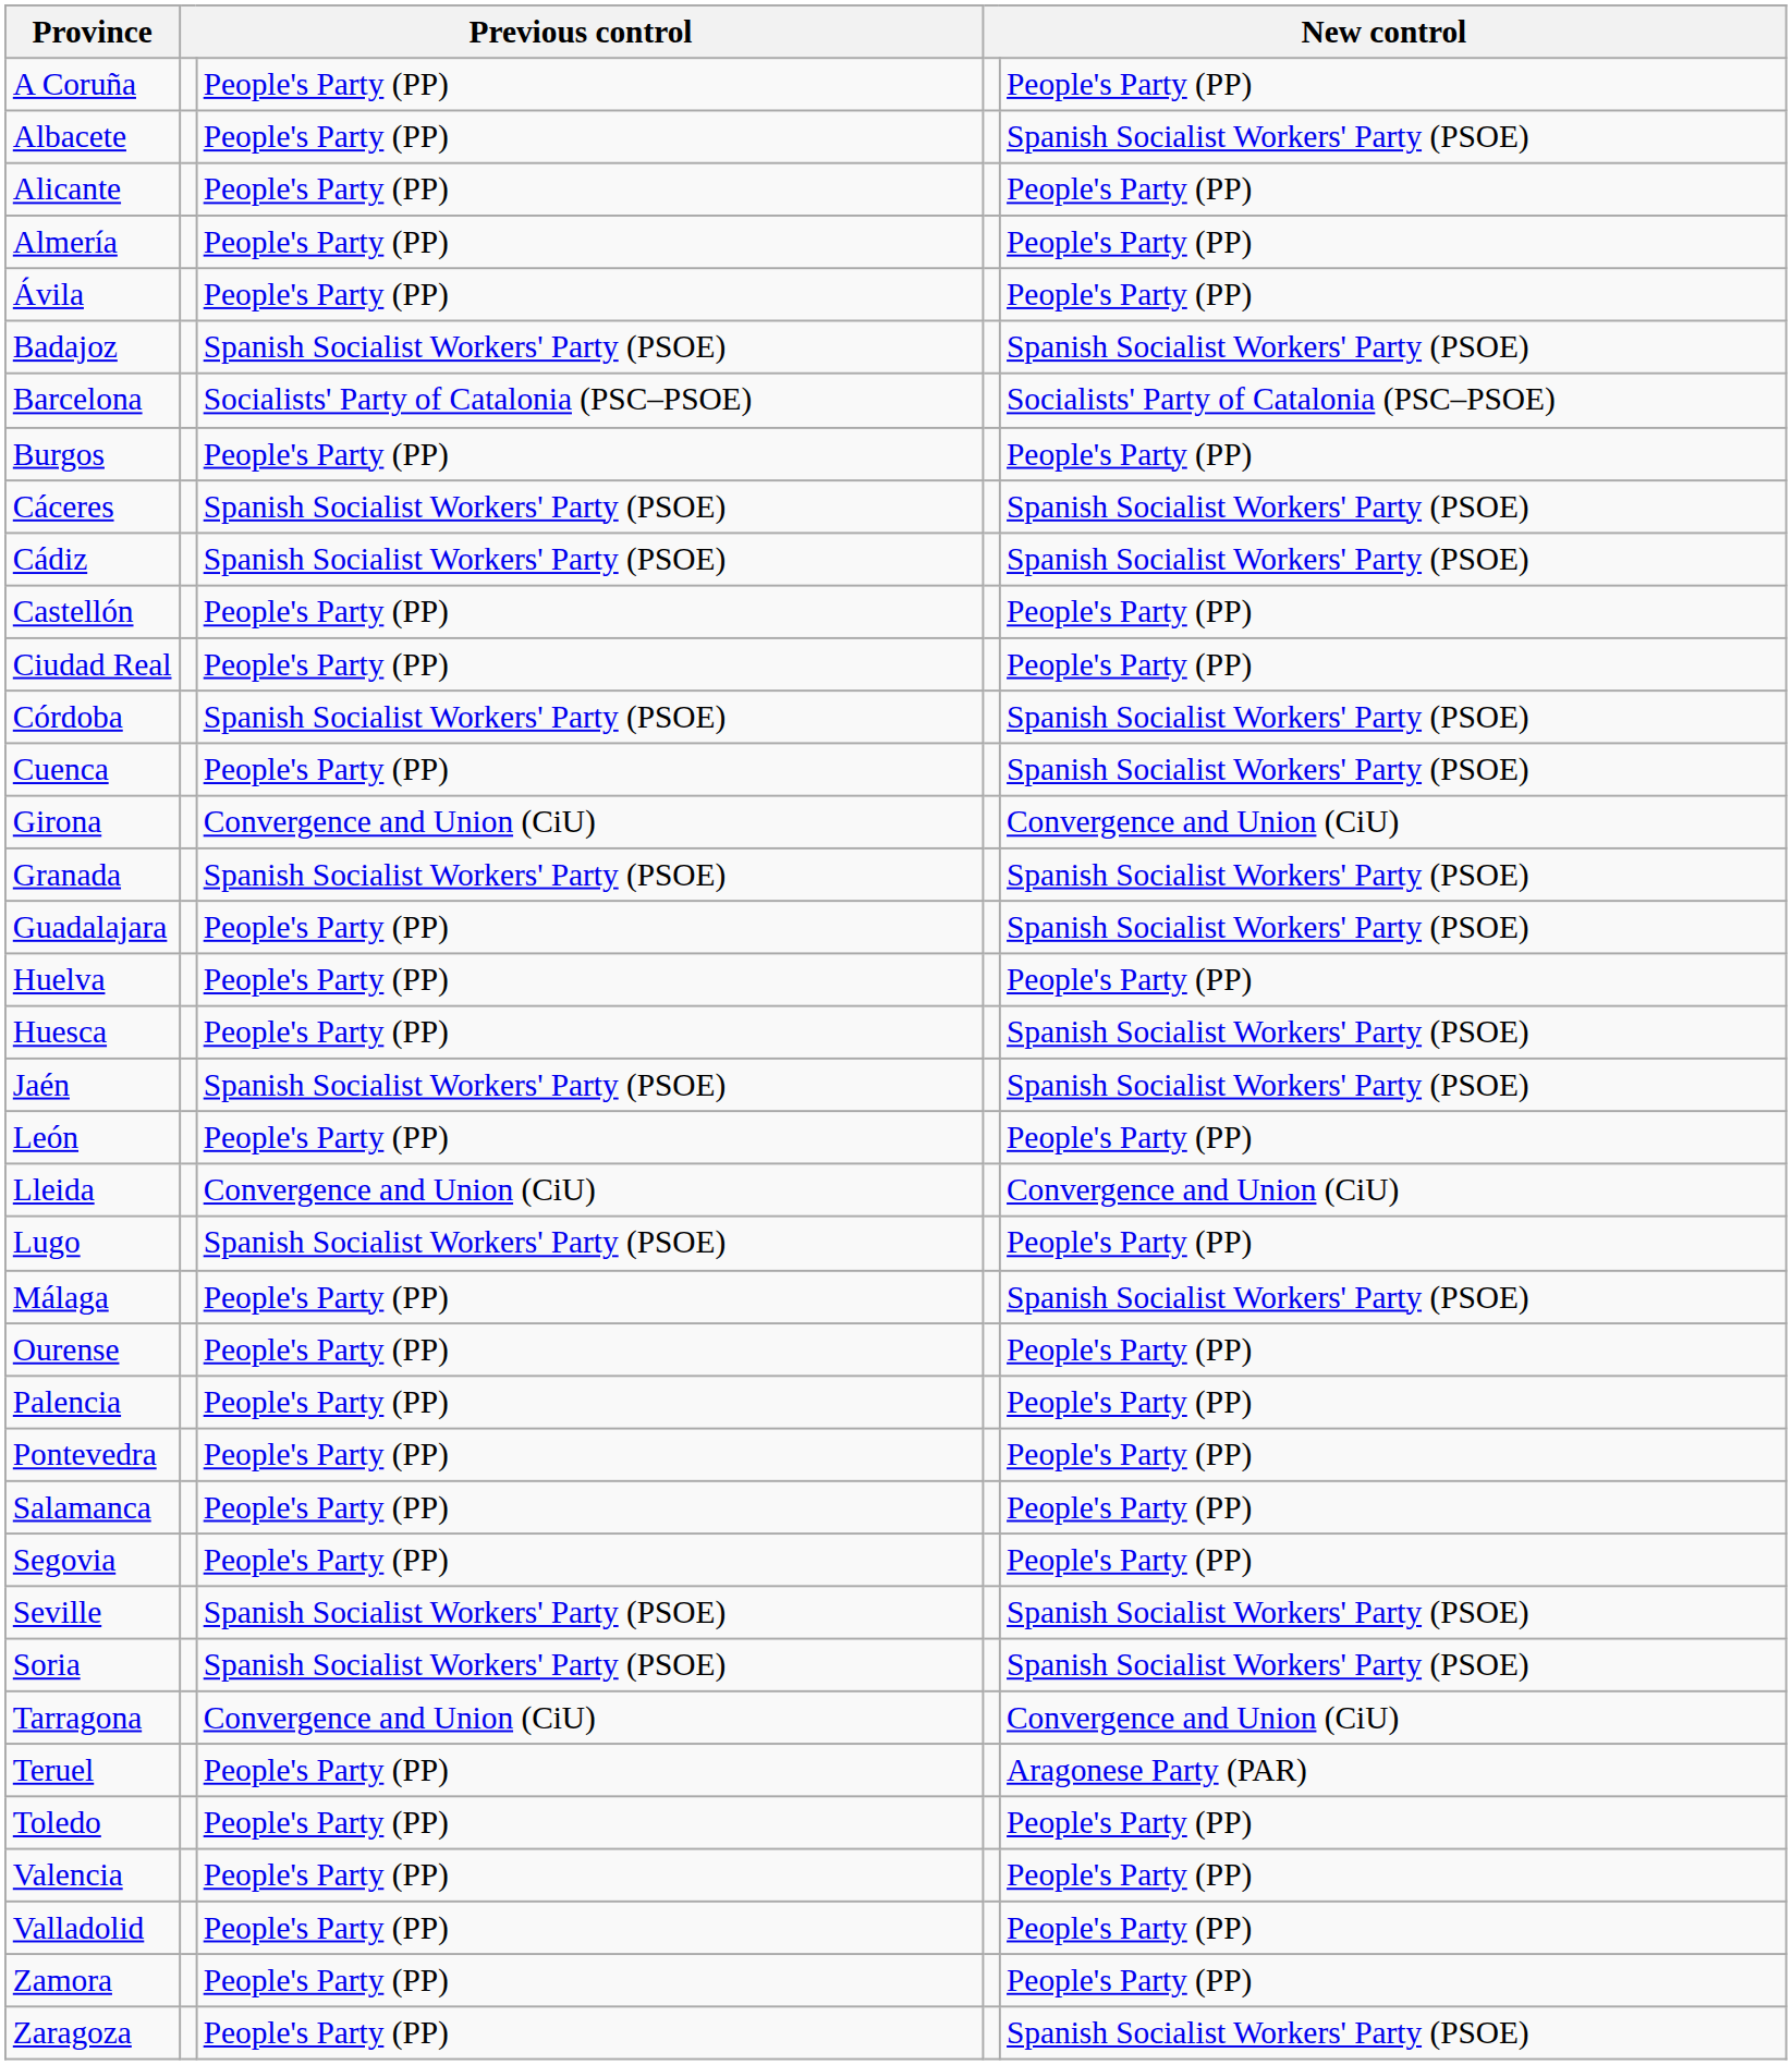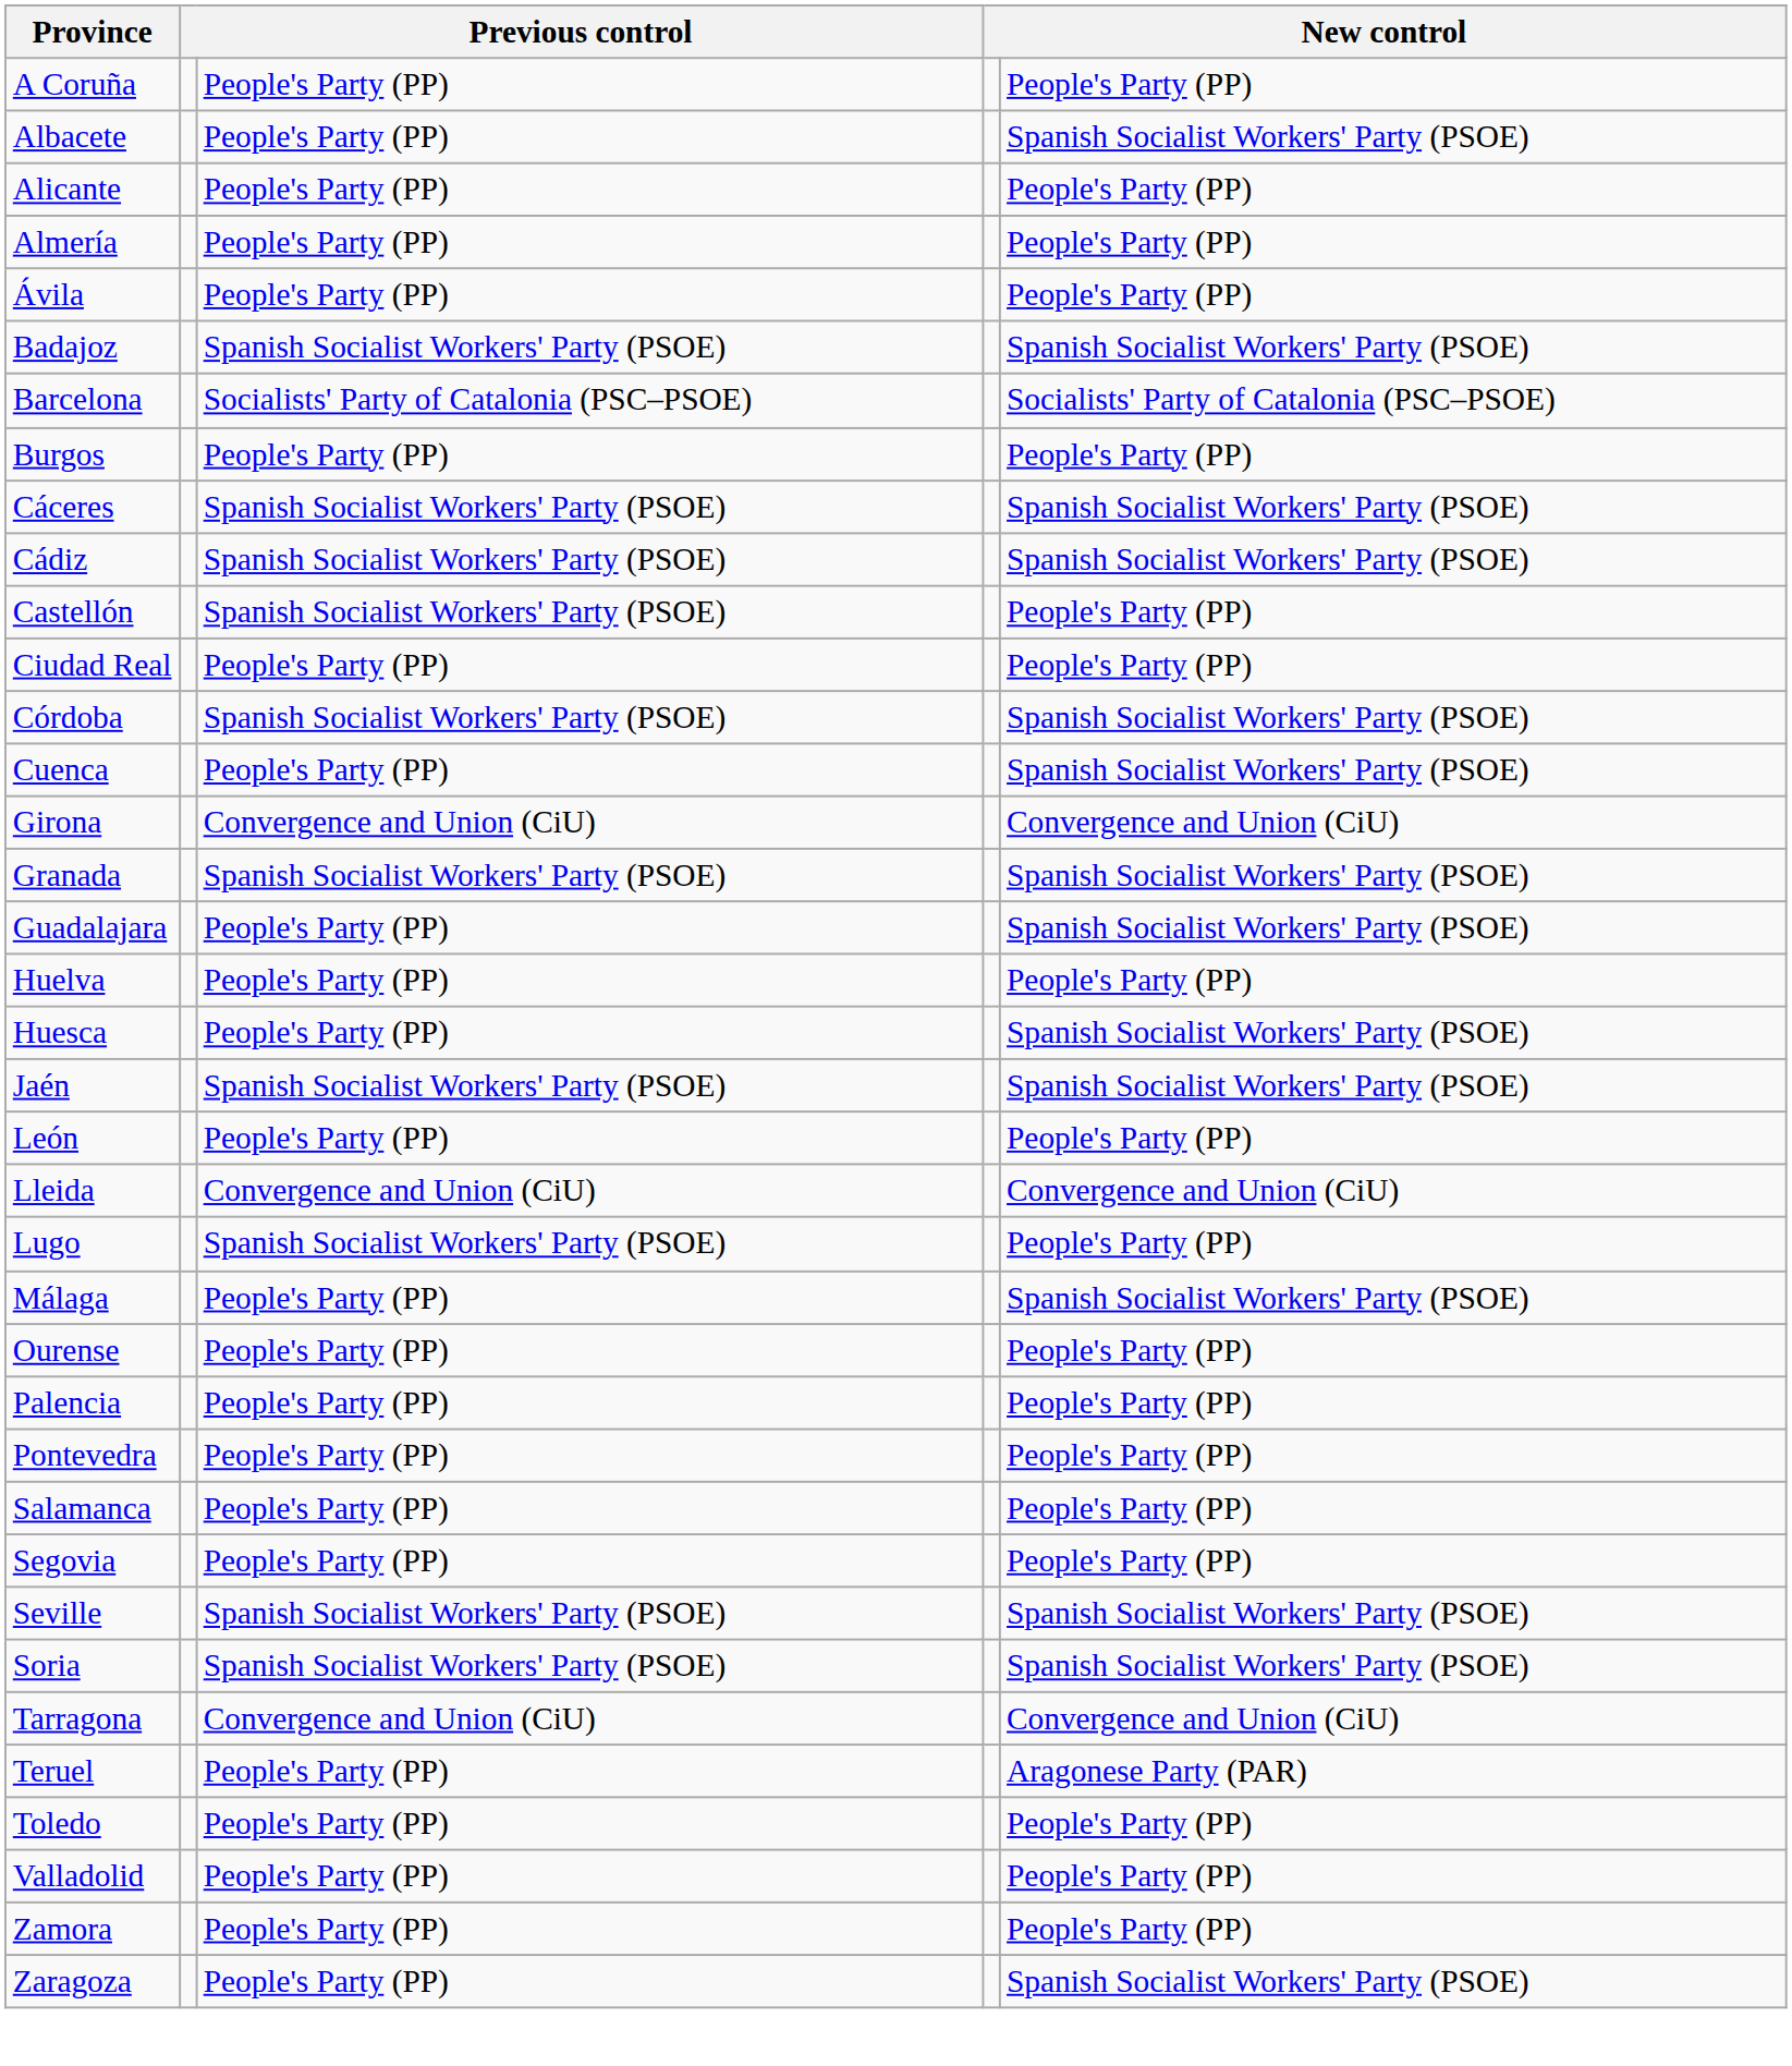 <table class="wikitable sortable" style="font-size:95%;">
 <tr>
 <th>Province</th>
 <th colspan="2" style="width:375px;">Previous control</th>
 <th colspan="2" style="width:375px;">New control</th>
 </tr>
 <tr>
 <td><a href='#'>A Coruña</a></td>
 <td width="1" style="color:inherit;background:"></td>
 <td><a href='#'>People's Party</a> (PP)</td>
 <td width="1" style="color:inherit;background:"></td>
 <td><a href='#'>People's Party</a> (PP)</td>
 </tr>
 <tr>
 <td><a href='#'>Albacete</a></td>
 <td style="color:inherit;background:"></td>
 <td><a href='#'>People's Party</a> (PP)</td>
 <td style="color:inherit;background:"></td>
 <td><a href='#'>Spanish Socialist Workers' Party</a> (PSOE)</td>
 </tr>
 <tr>
 <td><a href='#'>Alicante</a></td>
 <td style="color:inherit;background:"></td>
 <td><a href='#'>People's Party</a> (PP)</td>
 <td style="color:inherit;background:"></td>
 <td><a href='#'>People's Party</a> (PP)</td>
 </tr>
 <tr>
 <td><a href='#'>Almería</a></td>
 <td style="color:inherit;background:"></td>
 <td><a href='#'>People's Party</a> (PP)</td>
 <td style="color:inherit;background:"></td>
 <td><a href='#'>People's Party</a> (PP)</td>
 </tr>
 <tr>
 <td><a href='#'>Ávila</a></td>
 <td style="color:inherit;background:"></td>
 <td><a href='#'>People's Party</a> (PP)</td>
 <td style="color:inherit;background:"></td>
 <td><a href='#'>People's Party</a> (PP)</td>
 </tr>
 <tr>
 <td><a href='#'>Badajoz</a></td>
 <td style="color:inherit;background:"></td>
 <td><a href='#'>Spanish Socialist Workers' Party</a> (PSOE)</td>
 <td style="color:inherit;background:"></td>
 <td><a href='#'>Spanish Socialist Workers' Party</a> (PSOE)</td>
 </tr>
 <tr>
 <td><a href='#'>Barcelona</a></td>
 <td style="color:inherit;background:"></td>
 <td><a href='#'>Socialists' Party of Catalonia</a> (PSC–PSOE)</td>
 <td style="color:inherit;background:"></td>
 <td><a href='#'>Socialists' Party of Catalonia</a> (PSC–PSOE)</td>
 </tr>
 <tr>
 <td><a href='#'>Burgos</a></td>
 <td style="color:inherit;background:"></td>
 <td><a href='#'>People's Party</a> (PP)</td>
 <td style="color:inherit;background:"></td>
 <td><a href='#'>People's Party</a> (PP)</td>
 </tr>
 <tr>
 <td><a href='#'>Cáceres</a></td>
 <td style="color:inherit;background:"></td>
 <td><a href='#'>Spanish Socialist Workers' Party</a> (PSOE)</td>
 <td style="color:inherit;background:"></td>
 <td><a href='#'>Spanish Socialist Workers' Party</a> (PSOE)</td>
 </tr>
 <tr>
 <td><a href='#'>Cádiz</a></td>
 <td style="color:inherit;background:"></td>
 <td><a href='#'>Spanish Socialist Workers' Party</a> (PSOE)</td>
 <td style="color:inherit;background:"></td>
 <td><a href='#'>Spanish Socialist Workers' Party</a> (PSOE)</td>
 </tr>
 <tr>
 <td><a href='#'>Castellón</a></td>
 <td style="color:inherit;background:"></td>
-<td><a href='#'>People's Party</a> (PP)</td>
+<td><a href='#'>Spanish Socialist Workers' Party</a> (PSOE)</td>
 <td style="color:inherit;background:"></td>
 <td><a href='#'>People's Party</a> (PP)</td>
 </tr>
 <tr>
 <td><a href='#'>Ciudad Real</a></td>
 <td style="color:inherit;background:"></td>
 <td><a href='#'>People's Party</a> (PP)</td>
 <td style="color:inherit;background:"></td>
 <td><a href='#'>People's Party</a> (PP)</td>
 </tr>
 <tr>
 <td><a href='#'>Córdoba</a></td>
 <td style="color:inherit;background:"></td>
 <td><a href='#'>Spanish Socialist Workers' Party</a> (PSOE)</td>
 <td style="color:inherit;background:"></td>
 <td><a href='#'>Spanish Socialist Workers' Party</a> (PSOE)</td>
 </tr>
 <tr>
 <td><a href='#'>Cuenca</a></td>
 <td style="color:inherit;background:"></td>
 <td><a href='#'>People's Party</a> (PP)</td>
 <td style="color:inherit;background:"></td>
 <td><a href='#'>Spanish Socialist Workers' Party</a> (PSOE)</td>
 </tr>
 <tr>
 <td><a href='#'>Girona</a></td>
 <td style="color:inherit;background:"></td>
 <td><a href='#'>Convergence and Union</a> (CiU)</td>
 <td style="color:inherit;background:"></td>
 <td><a href='#'>Convergence and Union</a> (CiU)</td>
 </tr>
 <tr>
 <td><a href='#'>Granada</a></td>
 <td style="color:inherit;background:"></td>
 <td><a href='#'>Spanish Socialist Workers' Party</a> (PSOE)</td>
 <td style="color:inherit;background:"></td>
 <td><a href='#'>Spanish Socialist Workers' Party</a> (PSOE)</td>
 </tr>
 <tr>
 <td><a href='#'>Guadalajara</a></td>
 <td style="color:inherit;background:"></td>
 <td><a href='#'>People's Party</a> (PP)</td>
 <td style="color:inherit;background:"></td>
 <td><a href='#'>Spanish Socialist Workers' Party</a> (PSOE)</td>
 </tr>
 <tr>
 <td><a href='#'>Huelva</a></td>
 <td style="color:inherit;background:"></td>
 <td><a href='#'>People's Party</a> (PP)</td>
 <td style="color:inherit;background:"></td>
 <td><a href='#'>People's Party</a> (PP)</td>
 </tr>
 <tr>
 <td><a href='#'>Huesca</a></td>
 <td style="color:inherit;background:"></td>
 <td><a href='#'>People's Party</a> (PP)</td>
 <td style="color:inherit;background:"></td>
 <td><a href='#'>Spanish Socialist Workers' Party</a> (PSOE)</td>
 </tr>
 <tr>
 <td><a href='#'>Jaén</a></td>
 <td style="color:inherit;background:"></td>
 <td><a href='#'>Spanish Socialist Workers' Party</a> (PSOE)</td>
 <td style="color:inherit;background:"></td>
 <td><a href='#'>Spanish Socialist Workers' Party</a> (PSOE)</td>
 </tr>
 <tr>
 <td><a href='#'>León</a></td>
 <td style="color:inherit;background:"></td>
 <td><a href='#'>People's Party</a> (PP)</td>
 <td style="color:inherit;background:"></td>
 <td><a href='#'>People's Party</a> (PP)</td>
 </tr>
 <tr>
 <td><a href='#'>Lleida</a></td>
 <td style="color:inherit;background:"></td>
 <td><a href='#'>Convergence and Union</a> (CiU)</td>
 <td style="color:inherit;background:"></td>
 <td><a href='#'>Convergence and Union</a> (CiU)</td>
 </tr>
 <tr>
 <td><a href='#'>Lugo</a></td>
 <td style="color:inherit;background:"></td>
 <td><a href='#'>Spanish Socialist Workers' Party</a> (PSOE)</td>
 <td style="color:inherit;background:"></td>
 <td><a href='#'>People's Party</a> (PP)</td>
 </tr>
 <tr>
 <td><a href='#'>Málaga</a></td>
 <td style="color:inherit;background:"></td>
 <td><a href='#'>People's Party</a> (PP)</td>
 <td style="color:inherit;background:"></td>
 <td><a href='#'>Spanish Socialist Workers' Party</a> (PSOE)</td>
 </tr>
 <tr>
 <td><a href='#'>Ourense</a></td>
 <td style="color:inherit;background:"></td>
 <td><a href='#'>People's Party</a> (PP)</td>
 <td style="color:inherit;background:"></td>
 <td><a href='#'>People's Party</a> (PP)</td>
 </tr>
 <tr>
 <td><a href='#'>Palencia</a></td>
 <td style="color:inherit;background:"></td>
 <td><a href='#'>People's Party</a> (PP)</td>
 <td style="color:inherit;background:"></td>
 <td><a href='#'>People's Party</a> (PP)</td>
 </tr>
 <tr>
 <td><a href='#'>Pontevedra</a></td>
 <td style="color:inherit;background:"></td>
 <td><a href='#'>People's Party</a> (PP)</td>
 <td style="color:inherit;background:"></td>
 <td><a href='#'>People's Party</a> (PP)</td>
 </tr>
 <tr>
 <td><a href='#'>Salamanca</a></td>
 <td style="color:inherit;background:"></td>
 <td><a href='#'>People's Party</a> (PP)</td>
 <td style="color:inherit;background:"></td>
 <td><a href='#'>People's Party</a> (PP)</td>
 </tr>
 <tr>
 <td><a href='#'>Segovia</a></td>
 <td style="color:inherit;background:"></td>
 <td><a href='#'>People's Party</a> (PP)</td>
 <td style="color:inherit;background:"></td>
 <td><a href='#'>People's Party</a> (PP)</td>
 </tr>
 <tr>
 <td><a href='#'>Seville</a></td>
 <td style="color:inherit;background:"></td>
 <td><a href='#'>Spanish Socialist Workers' Party</a> (PSOE)</td>
 <td style="color:inherit;background:"></td>
 <td><a href='#'>Spanish Socialist Workers' Party</a> (PSOE)</td>
 </tr>
 <tr>
 <td><a href='#'>Soria</a></td>
 <td style="color:inherit;background:"></td>
 <td><a href='#'>Spanish Socialist Workers' Party</a> (PSOE)</td>
 <td style="color:inherit;background:"></td>
 <td><a href='#'>Spanish Socialist Workers' Party</a> (PSOE)</td>
 </tr>
 <tr>
 <td><a href='#'>Tarragona</a></td>
 <td style="color:inherit;background:"></td>
 <td><a href='#'>Convergence and Union</a> (CiU)</td>
 <td style="color:inherit;background:"></td>
 <td><a href='#'>Convergence and Union</a> (CiU)</td>
 </tr>
 <tr>
 <td><a href='#'>Teruel</a></td>
 <td style="color:inherit;background:"></td>
 <td><a href='#'>People's Party</a> (PP)</td>
 <td style="color:inherit;background:"></td>
 <td><a href='#'>Aragonese Party</a> (PAR)</td>
 </tr>
 <tr>
 <td><a href='#'>Toledo</a></td>
 <td style="color:inherit;background:"></td>
 <td><a href='#'>People's Party</a> (PP)</td>
 <td style="color:inherit;background:"></td>
 <td><a href='#'>People's Party</a> (PP)</td>
 </tr>
 <tr>
-<td><a href='#'>Valencia</a></td>
-<td style="color:inherit;background:"></td>
-<td><a href='#'>People's Party</a> (PP)</td>
-<td style="color:inherit;background:"></td>
-<td><a href='#'>People's Party</a> (PP)</td>
-</tr>
-<tr>
 <td><a href='#'>Valladolid</a></td>
 <td style="color:inherit;background:"></td>
 <td><a href='#'>People's Party</a> (PP)</td>
 <td style="color:inherit;background:"></td>
 <td><a href='#'>People's Party</a> (PP)</td>
 </tr>
 <tr>
 <td><a href='#'>Zamora</a></td>
 <td style="color:inherit;background:"></td>
 <td><a href='#'>People's Party</a> (PP)</td>
 <td style="color:inherit;background:"></td>
 <td><a href='#'>People's Party</a> (PP)</td>
 </tr>
 <tr>
 <td><a href='#'>Zaragoza</a></td>
 <td style="color:inherit;background:"></td>
 <td><a href='#'>People's Party</a> (PP)</td>
 <td style="color:inherit;background:"></td>
 <td><a href='#'>Spanish Socialist Workers' Party</a> (PSOE)</td>
 </tr>
 </table>
